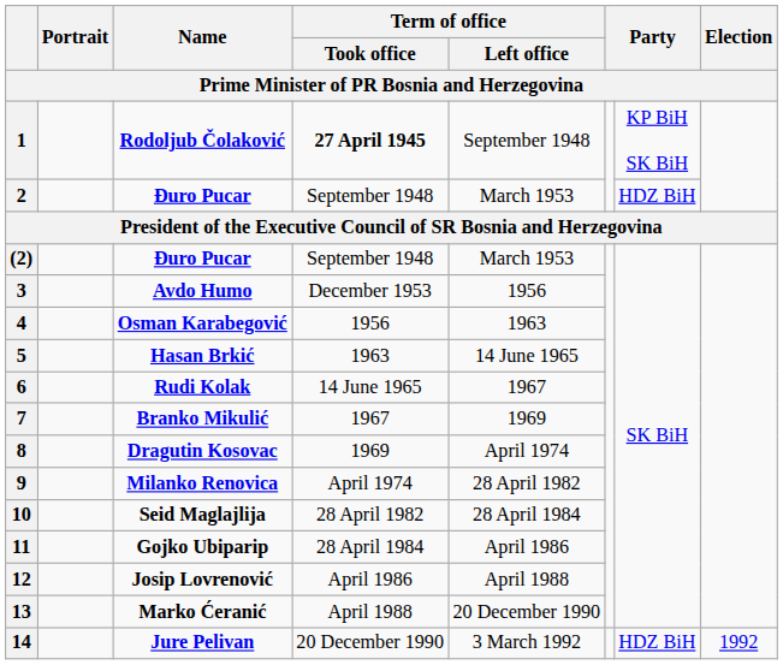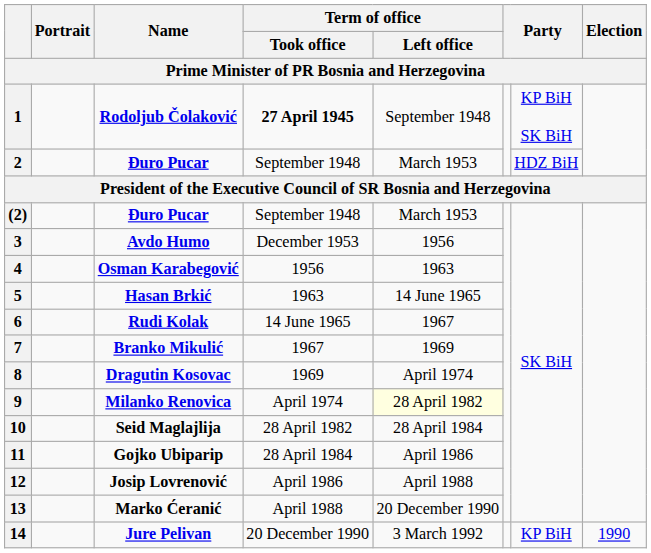 <table class="wikitable sortable" style="text-align: center;font-size:90%; border:1px #AAAAFF solid">
 <tr>
 <th rowspan=2></th>
 <th rowspan=2>Portrait</th>
 <th rowspan=2>Name<br></th>
 <th colspan=2>Term of office</th>
 <th rowspan=2 colspan=2>Party</th>
 <th rowspan=2>Election</th>
 </tr>
 <tr>
 <th>Took office</th>
 <th>Left office</th>
 </tr>
 <tr>
 <th colspan=8>Prime Minister of PR Bosnia and Herzegovina</th>
 </tr>
 <tr>
 <th>1</th>
 <td></td>
 <td><strong><a href='#'>Rodoljub Čolaković</a></strong><br></td>
 <td><strong>27 April 1945</strong></td>
 <td>September 1948</td>
 <td rowspan=2 style="background:"></td>
 <td><a href='#'>KP BiH</a><br><br><a href='#'>SK BiH</a></td>
 <td rowspan=2></td>
 </tr>
 <tr>
 <th>2</th>
 <td></td>
 <td><strong><a href='#'>Đuro Pucar</a></strong><br></td>
 <td>September 1948</td>
 <td>March 1953</td>
 <td><a href='#'>HDZ BiH</a></td>
 </tr>
 <tr>
 <th colspan=8>President of the Executive Council of SR Bosnia and Herzegovina</th>
 </tr>
 <tr>
 <th>(2)</th>
 <td></td>
 <td><strong><a href='#'>Đuro Pucar</a></strong><br></td>
 <td>September 1948</td>
 <td>March 1953</td>
 <td rowspan=12 style="background:"></td>
 <td rowspan=12><a href='#'>SK BiH</a></td>
 <td rowspan=12></td>
 </tr>
 <tr>
 <th>3</th>
 <td></td>
 <td><strong><a href='#'>Avdo Humo</a></strong><br></td>
 <td>December 1953</td>
 <td>1956</td>
 </tr>
 <tr>
 <th>4</th>
 <td></td>
 <td><strong><a href='#'>Osman Karabegović</a></strong><br></td>
 <td>1956</td>
 <td>1963</td>
 </tr>
 <tr>
 <th>5</th>
 <td></td>
 <td><strong><a href='#'>Hasan Brkić</a></strong><br></td>
 <td>1963</td>
 <td>14 June 1965</td>
 </tr>
 <tr>
 <th>6</th>
 <td></td>
 <td><strong><a href='#'>Rudi Kolak</a></strong><br></td>
 <td>14 June 1965</td>
 <td>1967</td>
 </tr>
 <tr>
 <th>7</th>
 <td></td>
 <td><strong><a href='#'>Branko Mikulić</a></strong><br></td>
 <td>1967</td>
 <td>1969</td>
 </tr>
 <tr>
 <th>8</th>
 <td></td>
 <td><strong><a href='#'>Dragutin Kosovac</a></strong><br></td>
 <td>1969</td>
 <td>April 1974</td>
 </tr>
 <tr>
 <th>9</th>
 <td></td>
 <td><strong><a href='#'>Milanko Renovica</a></strong><br></td>
 <td>April 1974</td>
-<td>28 April 1982</td>
+<td style="background: lightyellow;">28 April 1982</td>
 </tr>
 <tr>
 <th>10</th>
 <td></td>
 <td><strong>Seid Maglajlija</strong><br></td>
 <td>28 April 1982</td>
 <td>28 April 1984</td>
 </tr>
 <tr>
 <th>11</th>
 <td></td>
 <td><strong>Gojko Ubiparip</strong><br></td>
 <td>28 April 1984</td>
 <td>April 1986</td>
 </tr>
 <tr>
 <th>12</th>
 <td></td>
 <td><strong>Josip Lovrenović</strong><br></td>
 <td>April 1986</td>
 <td>April 1988</td>
 </tr>
 <tr>
 <th>13</th>
 <td></td>
 <td><strong>Marko Ćeranić</strong></td>
 <td>April 1988</td>
 <td>20 December 1990</td>
 </tr>
 <tr>
 <th>14</th>
 <td></td>
 <td><strong><a href='#'>Jure Pelivan</a></strong><br></td>
 <td>20 December 1990</td>
 <td>3 March 1992</td>
 <td style="background:"></td>
-<td><a href='#'>HDZ BiH</a></td>
-<td><a href='#'>1992</a></td>
+<td><a href='#'>KP BiH</a></td>
+<td><a href='#'>1990</a></td>
 </tr>
 </table>
